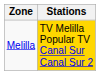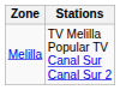 <table class="wikitable">
 <tr>
 <th>Zone</th>
 <th>Stations</th>
 </tr>
 <tr>
 <td><a href='#'>Melilla</a></td>
-<td style="background: gold;">TV Melilla<br>Popular TV<br><a href='#'>Canal Sur</a><br><a href='#'>Canal Sur 2</a></td>
+<td>TV Melilla<br>Popular TV<br><a href='#'>Canal Sur</a><br><a href='#'>Canal Sur 2</a></td>
 </tr>
 </table>
